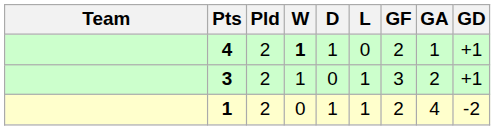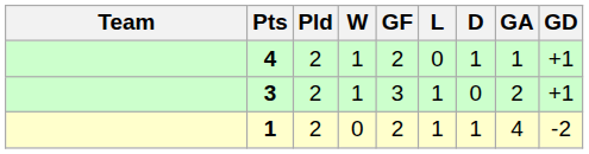 <table class="wikitable" style="text-align:center;">
 <tr>
 <th width=165>Team</th>
 <th width=20>Pts</th>
 <th width=20>Pld</th>
 <th width=20>W</th>
+<th width=20>GF</th>
+<th width=20>L</th>
 <th width=20>D</th>
-<th width=20>L</th>
-<th width=20>GF</th>
 <th width=20>GA</th>
 <th width=20>GD</th>
 </tr>
 <tr style="text-align:center; background:#cfc;">
 <td style="text-align:left;"></td>
 <td><strong>4</strong></td>
 <td>2</td>
-<td><strong>1</strong></td>
 <td>1</td>
+<td>2</td>
 <td>0</td>
-<td>2</td>
+<td>1</td>
 <td>1</td>
 <td>+1</td>
 </tr>
 <tr style="text-align:center; background:#cfc;">
 <td style="text-align:left;"></td>
 <td><strong>3</strong></td>
 <td>2</td>
 <td>1</td>
+<td>3</td>
+<td>1</td>
 <td>0</td>
-<td>1</td>
-<td>3</td>
 <td>2</td>
 <td>+1</td>
 </tr>
 <tr style="text-align:center; background:#ffc;">
 <td style="text-align:left;"></td>
 <td><strong>1</strong></td>
 <td>2</td>
 <td>0</td>
+<td>2</td>
 <td>1</td>
 <td>1</td>
-<td>2</td>
 <td>4</td>
 <td>-2</td>
 </tr>
 </table>
